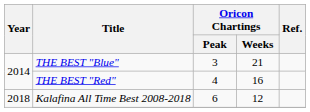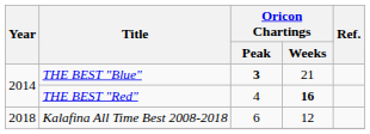 <table class="wikitable">
 <tr>
 <th rowspan="2" width="33">Year</th>
 <th rowspan="2">Title</th>
 <th colspan="2" width="106"><a href='#'>Oricon</a> Chartings</th>
 <th rowspan="2" width="30">Ref.</th>
 </tr>
 <tr>
 <th width="53">Peak</th>
 <th width="53">Weeks</th>
 </tr>
 <tr>
 <td rowspan="2" align="center">2014</td>
 <td><em><a href='#'>THE BEST "Blue"</a></em></td>
-<td align="center">3</td>
+<td align="center"><strong>3</strong></td>
 <td align="center">21</td>
 <td align="center"></td>
 </tr>
 <tr>
 <td><em><a href='#'>THE BEST "Red"</a></em></td>
 <td align="center">4</td>
-<td align="center">16</td>
+<td align="center"><strong>16</strong></td>
 <td align="center"></td>
 </tr>
 <tr>
 <td rowspan="3" align="center">2018</td>
 <td><em>Kalafina All Time Best 2008-2018</em></td>
 <td align="center">6</td>
 <td align="center">12</td>
 <td align="center"></td>
 </tr>
 <tr>
 </tr>
 </table>
